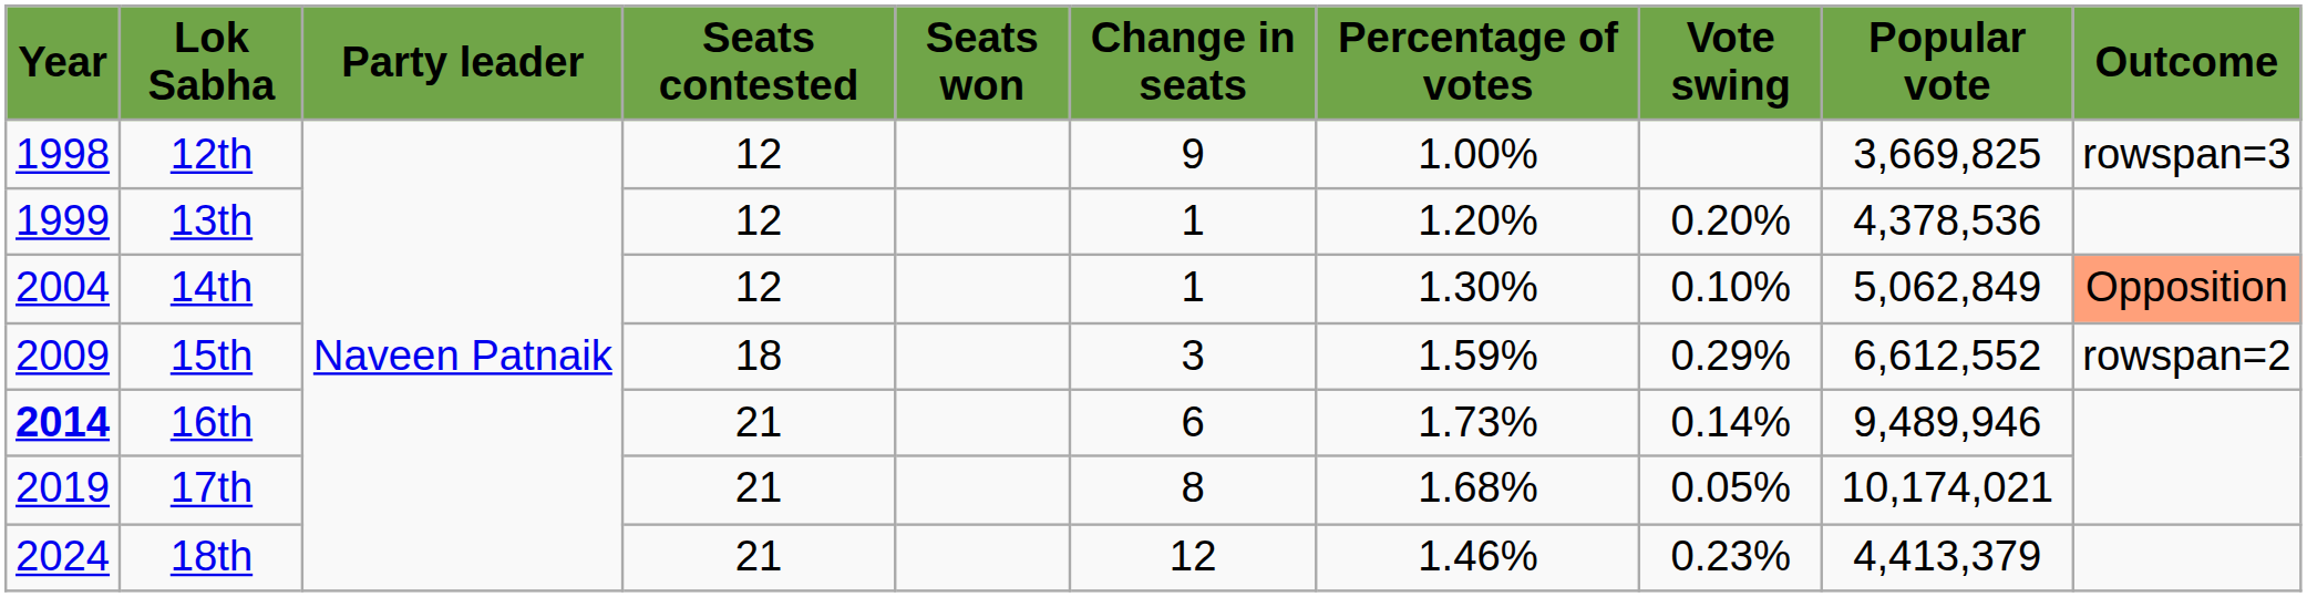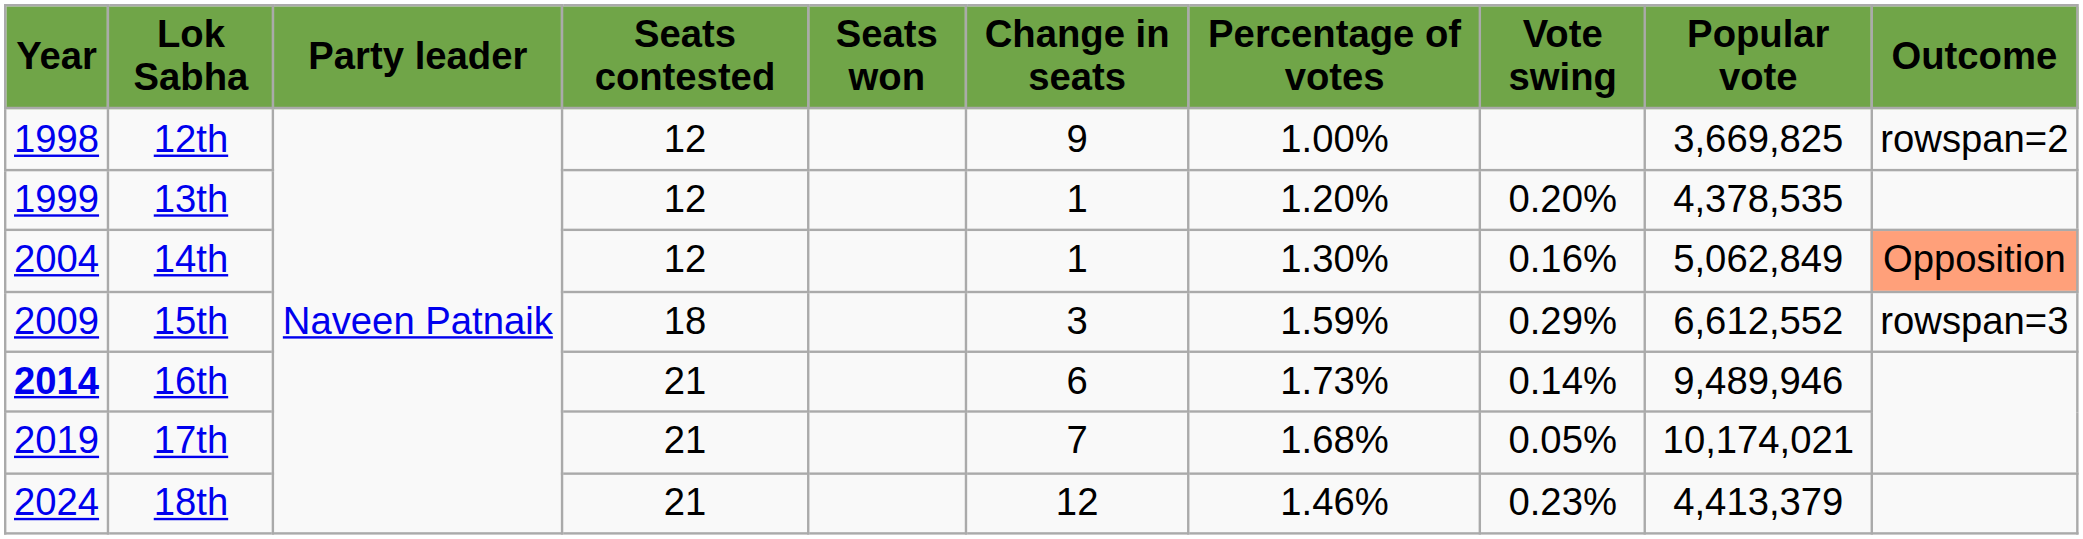 <table class="wikitable sortable" style="text-align:center;">
 <tr>
 <th style="background-color:#70A548;color:black">Year</th>
 <th style="background-color:#70A548;color:black">Lok Sabha</th>
 <th style="background-color:#70A548;color:black">Party leader</th>
 <th style="background-color:#70A548;color:black">Seats contested</th>
 <th style="background-color:#70A548;color:black">Seats won</th>
 <th style="background-color:#70A548;color:black">Change in seats</th>
 <th style="background-color:#70A548;color:black">Percentage of votes</th>
 <th style="background-color:#70A548;color:black">Vote swing</th>
 <th style="background-color:#70A548;color:black">Popular vote</th>
 <th style="background-color:#70A548;color:black">Outcome</th>
 </tr>
 <tr>
 <td><a href='#'>1998</a></td>
 <td><a href='#'>12th</a></td>
 <td rowspan=7><a href='#'>Naveen&nbsp;Patnaik</a></td>
 <td>12</td>
 <td></td>
 <td> 9</td>
 <td>1.00%</td>
 <td></td>
 <td>3,669,825</td>
-<td>rowspan=3 </td>
+<td>rowspan=2 </td>
 </tr>
 <tr>
 <td><a href='#'>1999</a></td>
 <td><a href='#'>13th</a></td>
 <td>12</td>
 <td></td>
 <td> 1</td>
 <td>1.20%</td>
 <td> 0.20%</td>
-<td>4,378,536</td>
+<td>4,378,535</td>
 </tr>
 <tr>
 <td><a href='#'>2004</a></td>
 <td><a href='#'>14th</a></td>
 <td>12</td>
 <td></td>
 <td> 1</td>
 <td>1.30%</td>
-<td> 0.10%</td>
+<td> 0.16%</td>
 <td>5,062,849</td>
 <td style="background:#FFA07A;">Opposition</td>
 </tr>
 <tr>
 <td><a href='#'>2009</a></td>
 <td><a href='#'>15th</a></td>
 <td>18</td>
 <td></td>
 <td> 3</td>
 <td>1.59%</td>
 <td> 0.29%</td>
 <td>6,612,552</td>
-<td>rowspan=2 </td>
+<td>rowspan=3 </td>
 </tr>
 <tr>
 <td><strong><a href='#'>2014</a></strong></td>
 <td><a href='#'>16th</a></td>
 <td>21</td>
 <td></td>
 <td> 6</td>
 <td>1.73%</td>
 <td> 0.14%</td>
 <td>9,489,946</td>
 </tr>
 <tr>
 <td><a href='#'>2019</a></td>
 <td><a href='#'>17th</a></td>
 <td>21</td>
 <td></td>
-<td> 8</td>
+<td> 7</td>
 <td>1.68%</td>
 <td> 0.05%</td>
 <td>10,174,021</td>
 </tr>
 <tr>
 <td><a href='#'>2024</a></td>
 <td><a href='#'>18th</a></td>
 <td>21</td>
 <td></td>
 <td> 12</td>
 <td>1.46%</td>
 <td> 0.23%</td>
 <td>4,413,379</td>
 <td></td>
 </tr>
 </table>
